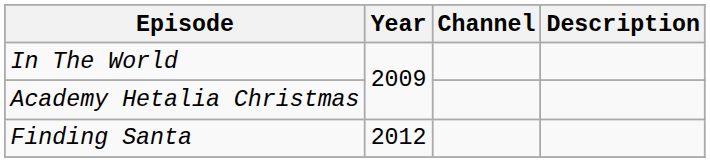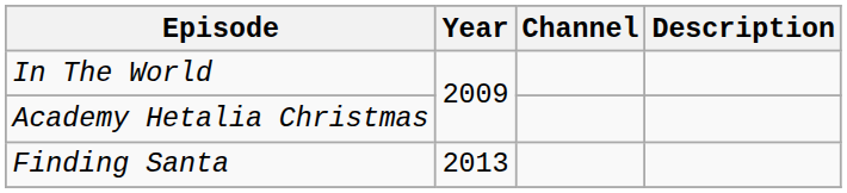 <table class="wikitable sortable">
 <tr>
 <th>Episode</th>
 <th>Year</th>
 <th>Channel</th>
 <th>Description</th>
 </tr>
 <tr>
 <td><em>In The World</em></td>
 <td rowspan="2">2009</td>
 <td></td>
 <td></td>
 </tr>
 <tr>
 <td><em>Academy Hetalia Christmas</em></td>
 <td></td>
 <td></td>
 </tr>
 <tr>
 <td><em>Finding Santa</em></td>
-<td>2012</td>
+<td>2013</td>
 <td></td>
 <td></td>
 </tr>
 </table>
